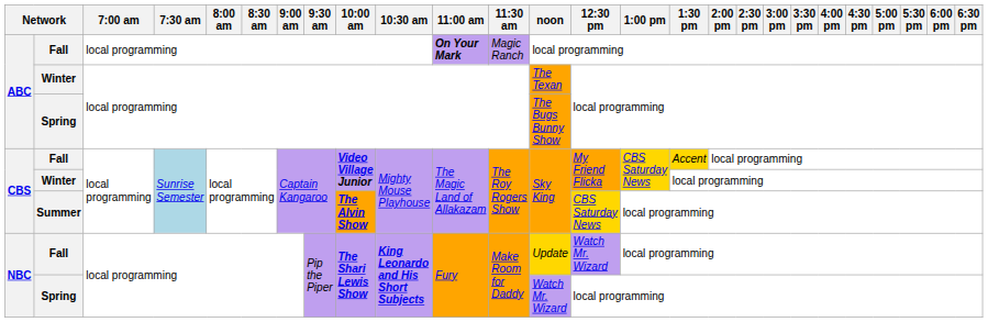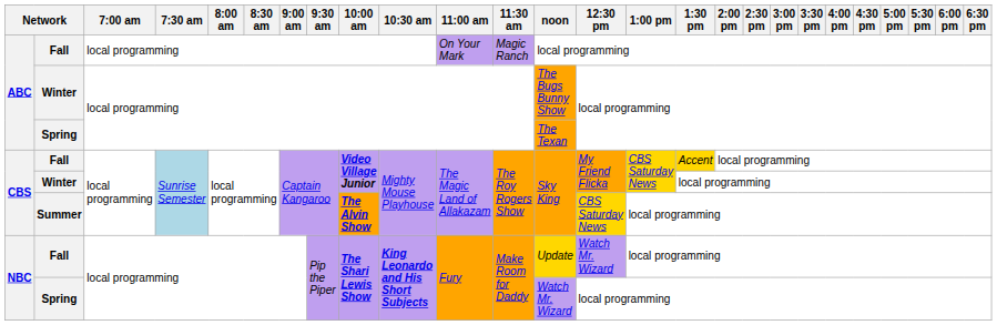 <table class=wikitable style="font-size:90%">
 <tr>
 <th width="1.5%" bgcolor="#C0C0C0" colspan="2">Network</th>
 <th width="13%" bgcolor="#C0C0C0">7:00 am</th>
 <th width="14%" bgcolor="#C0C0C0">7:30 am</th>
 <th width="13%" bgcolor="#C0C0C0">8:00 am</th>
 <th width="14%" bgcolor="#C0C0C0">8:30 am</th>
 <th width="13%" bgcolor="#C0C0C0">9:00 am</th>
 <th width="14%" bgcolor="#C0C0C0">9:30 am</th>
 <th width="13%" bgcolor="#C0C0C0">10:00 am</th>
 <th width="14%" bgcolor="#C0C0C0">10:30 am</th>
 <th width="13%" bgcolor="#C0C0C0">11:00 am</th>
 <th width="14%" bgcolor="#C0C0C0">11:30 am</th>
 <th width="13%" bgcolor="#C0C0C0">noon</th>
 <th width="14%" bgcolor="#C0C0C0">12:30 pm</th>
 <th width="13%" bgcolor="#C0C0C0">1:00 pm</th>
 <th width="14%" bgcolor="#C0C0C0">1:30 pm</th>
 <th width="13%" bgcolor="#C0C0C0">2:00 pm</th>
 <th width="14%" bgcolor="#C0C0C0">2:30 pm</th>
 <th width="13%" bgcolor="#C0C0C0">3:00 pm</th>
 <th width="14%" bgcolor="#C0C0C0">3:30 pm</th>
 <th width="13%" bgcolor="#C0C0C0">4:00 pm</th>
 <th width="14%" bgcolor="#C0C0C0">4:30 pm</th>
 <th width="13%" bgcolor="#C0C0C0">5:00 pm</th>
 <th width="14%" bgcolor="#C0C0C0">5:30 pm</th>
 <th width="13%" bgcolor="#C0C0C0">6:00 pm</th>
 <th width="14%" bgcolor="#C0C0C0">6:30 pm</th>
 </tr>
 <tr>
 <th bgcolor="#C0C0C0" rowspan=3><a href='#'>ABC</a></th>
 <th bgcolor=#C0C0C0>Fall</th>
 <td bgcolor="white" colspan="8">local programming</td>
-<td bgcolor="bf9fef"><strong><em>On Your Mark</em></strong></td>
+<td bgcolor="bf9fef"><em>On Your Mark</em></td>
 <td bgcolor="bf9fef"><em>Magic Ranch</em></td>
 <td bgcolor="white" colspan=14>local programming</td>
 </tr>
 <tr>
 <th bgcolor=#C0C0C0>Winter</th>
 <td bgcolor="white" colspan=10 rowspan=2>local programming</td>
-<td bgcolor="orange"><em><a href='#'>The Texan</a></em> </td>
+<td bgcolor="orange"><em><a href='#'>The Bugs Bunny Show</a></em> </td>
 <td bgcolor="white" colspan=13 rowspan=2>local programming</td>
 </tr>
 <tr>
 <th bgcolor=#C0C0C0>Spring</th>
-<td bgcolor="orange"><em><a href='#'>The Bugs Bunny Show</a></em> </td>
+<td bgcolor="orange"><em><a href='#'>The Texan</a></em> </td>
 </tr>
 <tr>
 <th bgcolor="#C0C0C0" rowspan=3><a href='#'>CBS</a></th>
 <th bgcolor=#C0C0C0>Fall</th>
 <td bgcolor="white" rowspan=3>local programming</td>
 <td bgcolor="lightblue" rowspan=3><em><a href='#'>Sunrise Semester</a></em></td>
 <td bgcolor="white" colspan="2" rowspan=3>local programming</td>
 <td bgcolor="bf9fef" colspan="2" rowspan=3><em><a href='#'>Captain Kangaroo</a></em></td>
 <td bgcolor="bf9fef" rowspan=2><strong><em><a href='#'>Video Village</a> Junior</em></strong></td>
 <td bgcolor="bf9fef" rowspan=3><em><a href='#'>Mighty Mouse Playhouse</a></em></td>
 <td bgcolor="bf9fef" rowspan=3><em><a href='#'>The Magic Land of Allakazam</a></em></td>
 <td bgcolor="orange" rowspan=3><em><a href='#'>The Roy Rogers Show</a></em> </td>
 <td bgcolor="orange" rowspan=3><em><a href='#'>Sky King</a></em> </td>
 <td bgcolor="orange" rowspan=2><em><a href='#'>My Friend Flicka</a></em> </td>
 <td bgcolor="gold" rowspan=2><em><a href='#'>CBS Saturday News</a></em></td>
 <td bgcolor="gold"><em>Accent</em></td>
 <td bgcolor="white" colspan=10>local programming</td>
 </tr>
 <tr>
 <th bgcolor=#C0C0C0>Winter</th>
 <td bgcolor="white" colspan=11>local programming</td>
 </tr>
 <tr>
 <th bgcolor=#C0C0C0>Summer</th>
 <td bgcolor="orange"><strong><em><a href='#'>The Alvin Show</a></em> </strong></td>
 <td bgcolor="gold"><em><a href='#'>CBS Saturday News</a></em></td>
 <td bgcolor="white" colspan=12>local programming</td>
 </tr>
 <tr>
 <th bgcolor="#C0C0C0" rowspan=2><a href='#'>NBC</a></th>
 <th bgcolor=#C0C0C0>Fall</th>
 <td bgcolor="white" colspan="5" rowspan=2>local programming</td>
 <td bgcolor="bf9fef" rowspan=2><em>Pip the Piper</em></td>
 <td bgcolor="bf9fef" rowspan=2><strong><em><a href='#'>The Shari Lewis Show</a></em></strong></td>
 <td bgcolor="bf9fef" rowspan=2><strong><em><a href='#'>King Leonardo and His Short Subjects</a></em></strong></td>
 <td bgcolor="orange" rowspan=2><em><a href='#'>Fury</a></em> </td>
 <td bgcolor="orange" rowspan=2><em><a href='#'>Make Room for Daddy</a></em> </td>
 <td bgcolor="gold"><em>Update</em></td>
 <td bgcolor="bf9fef"><em><a href='#'>Watch Mr. Wizard</a></em></td>
 <td bgcolor="white" colspan=12>local programming</td>
 </tr>
 <tr>
 <th bgcolor=#C0C0C0>Spring</th>
 <td bgcolor="bf9fef" rowspan=2><em><a href='#'>Watch Mr. Wizard</a></em></td>
 <td bgcolor="white" colspan="13">local programming</td>
 </tr>
 </table>
